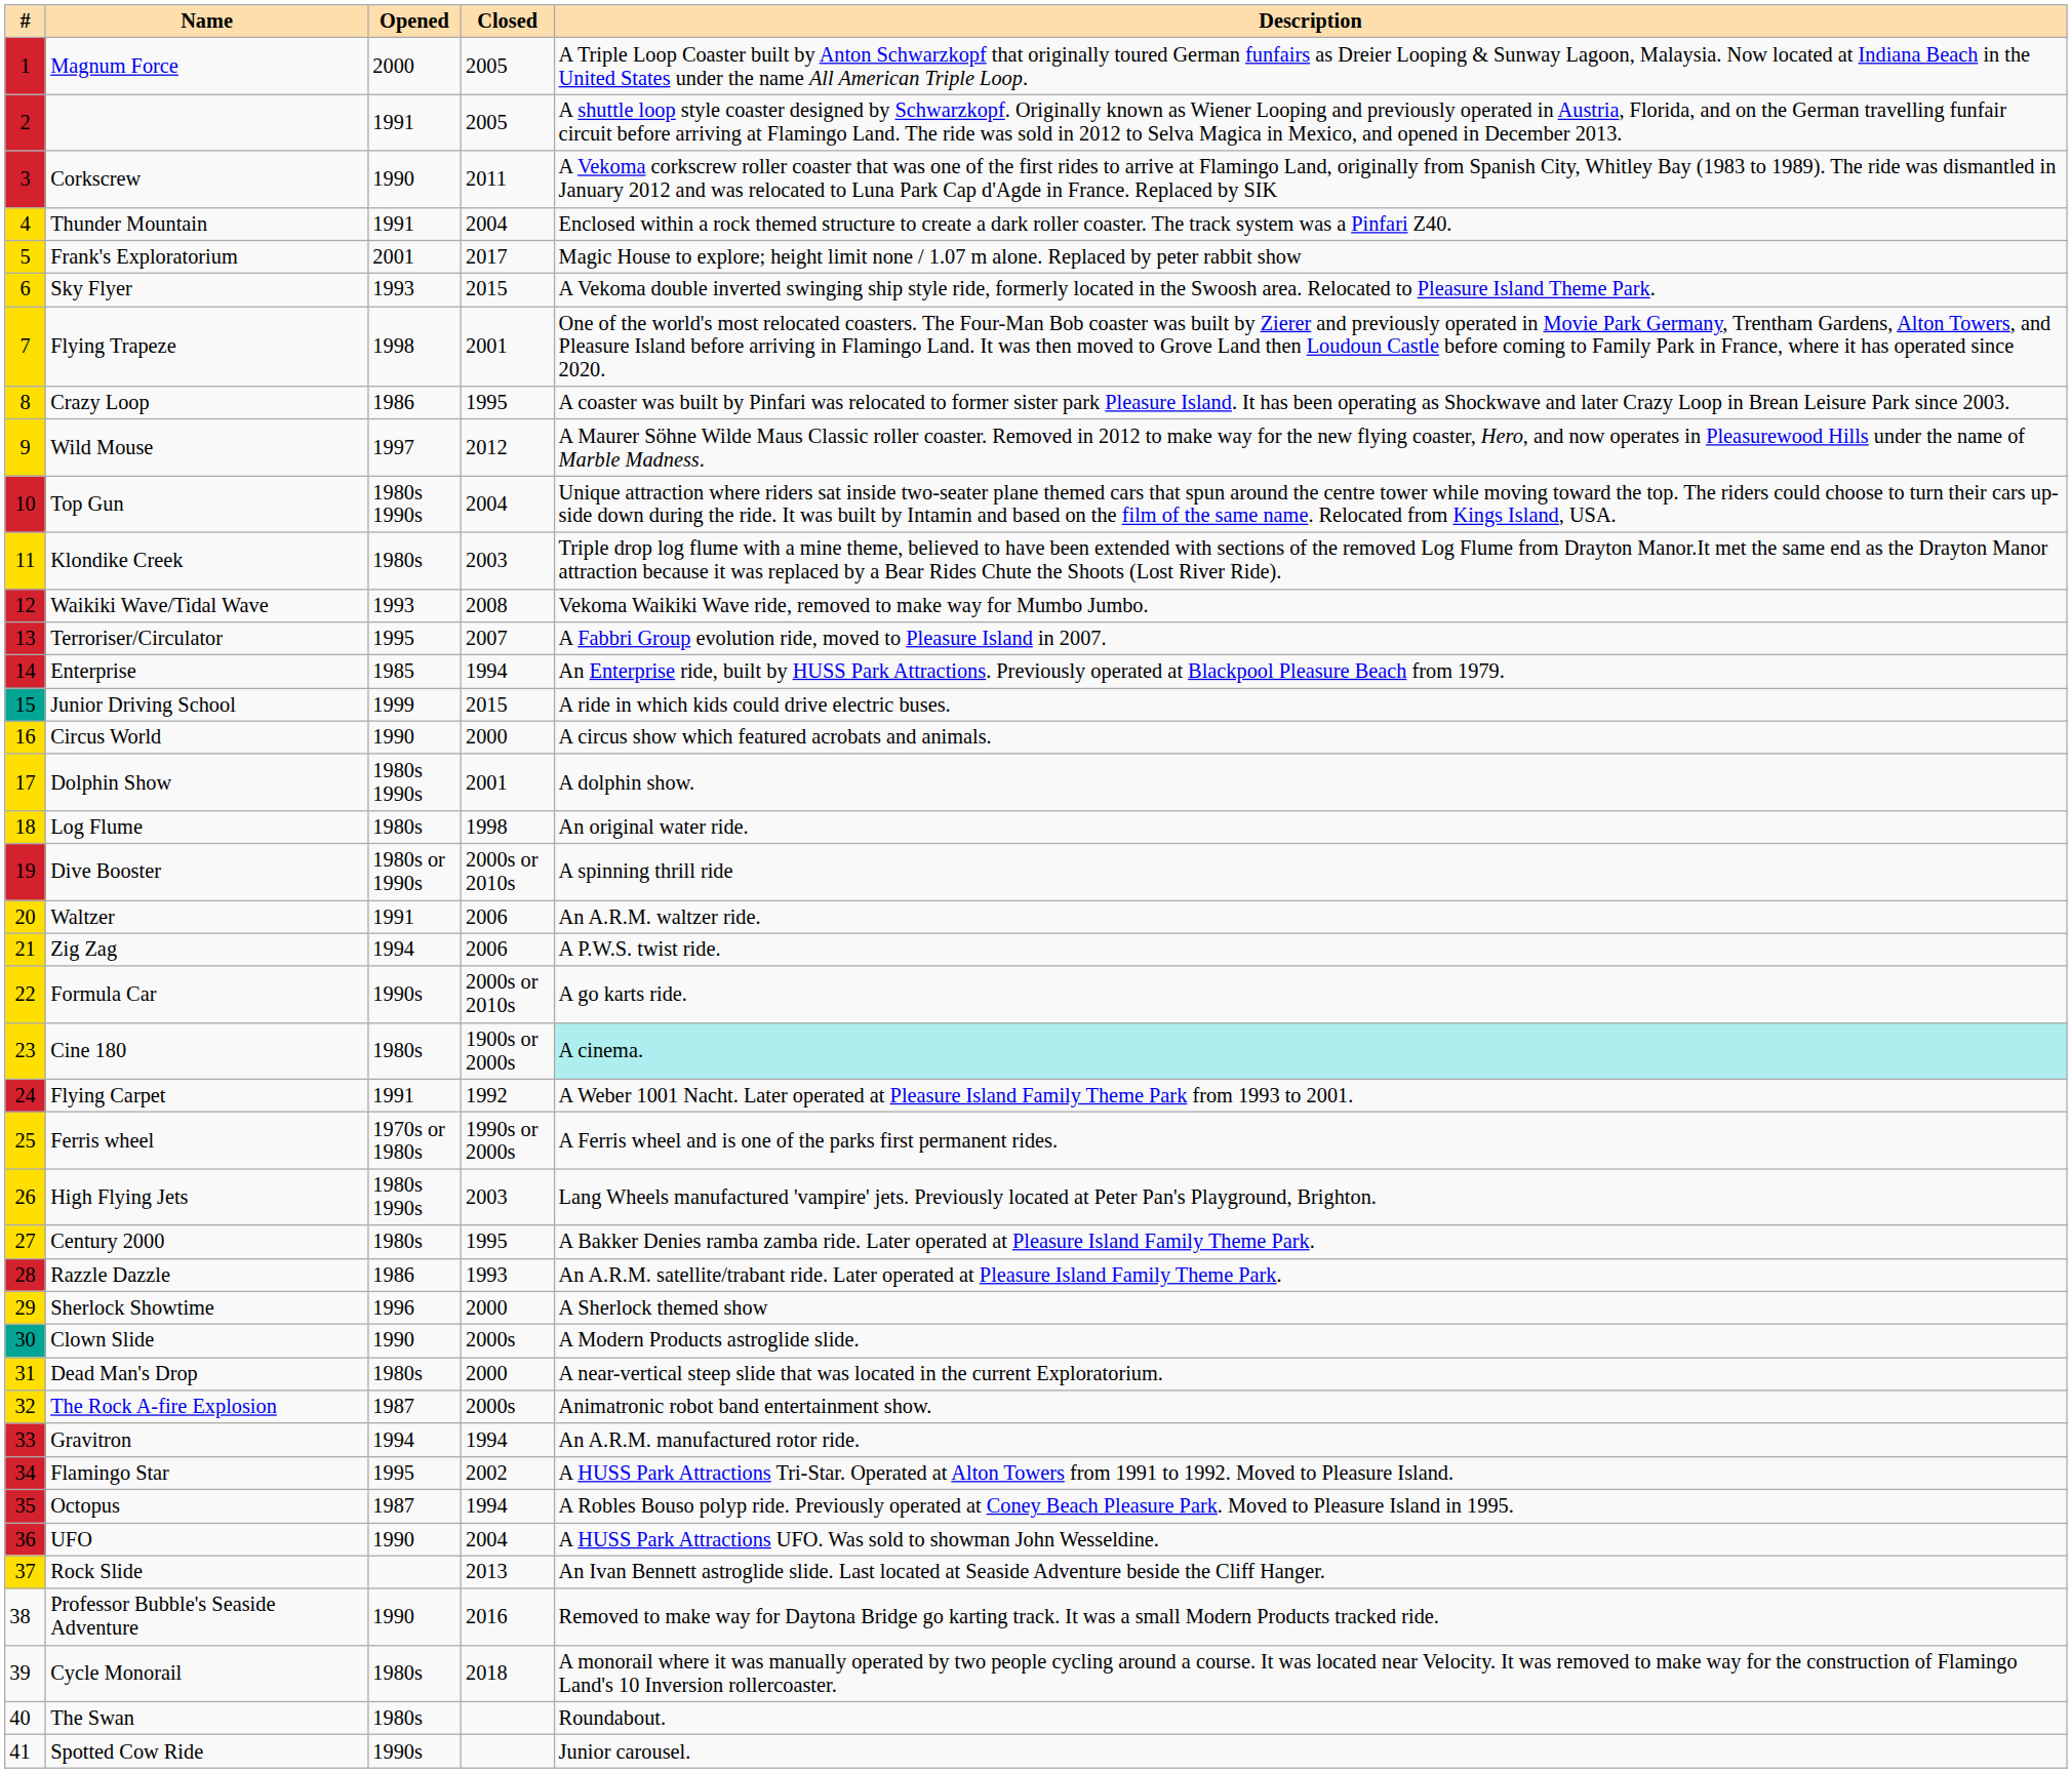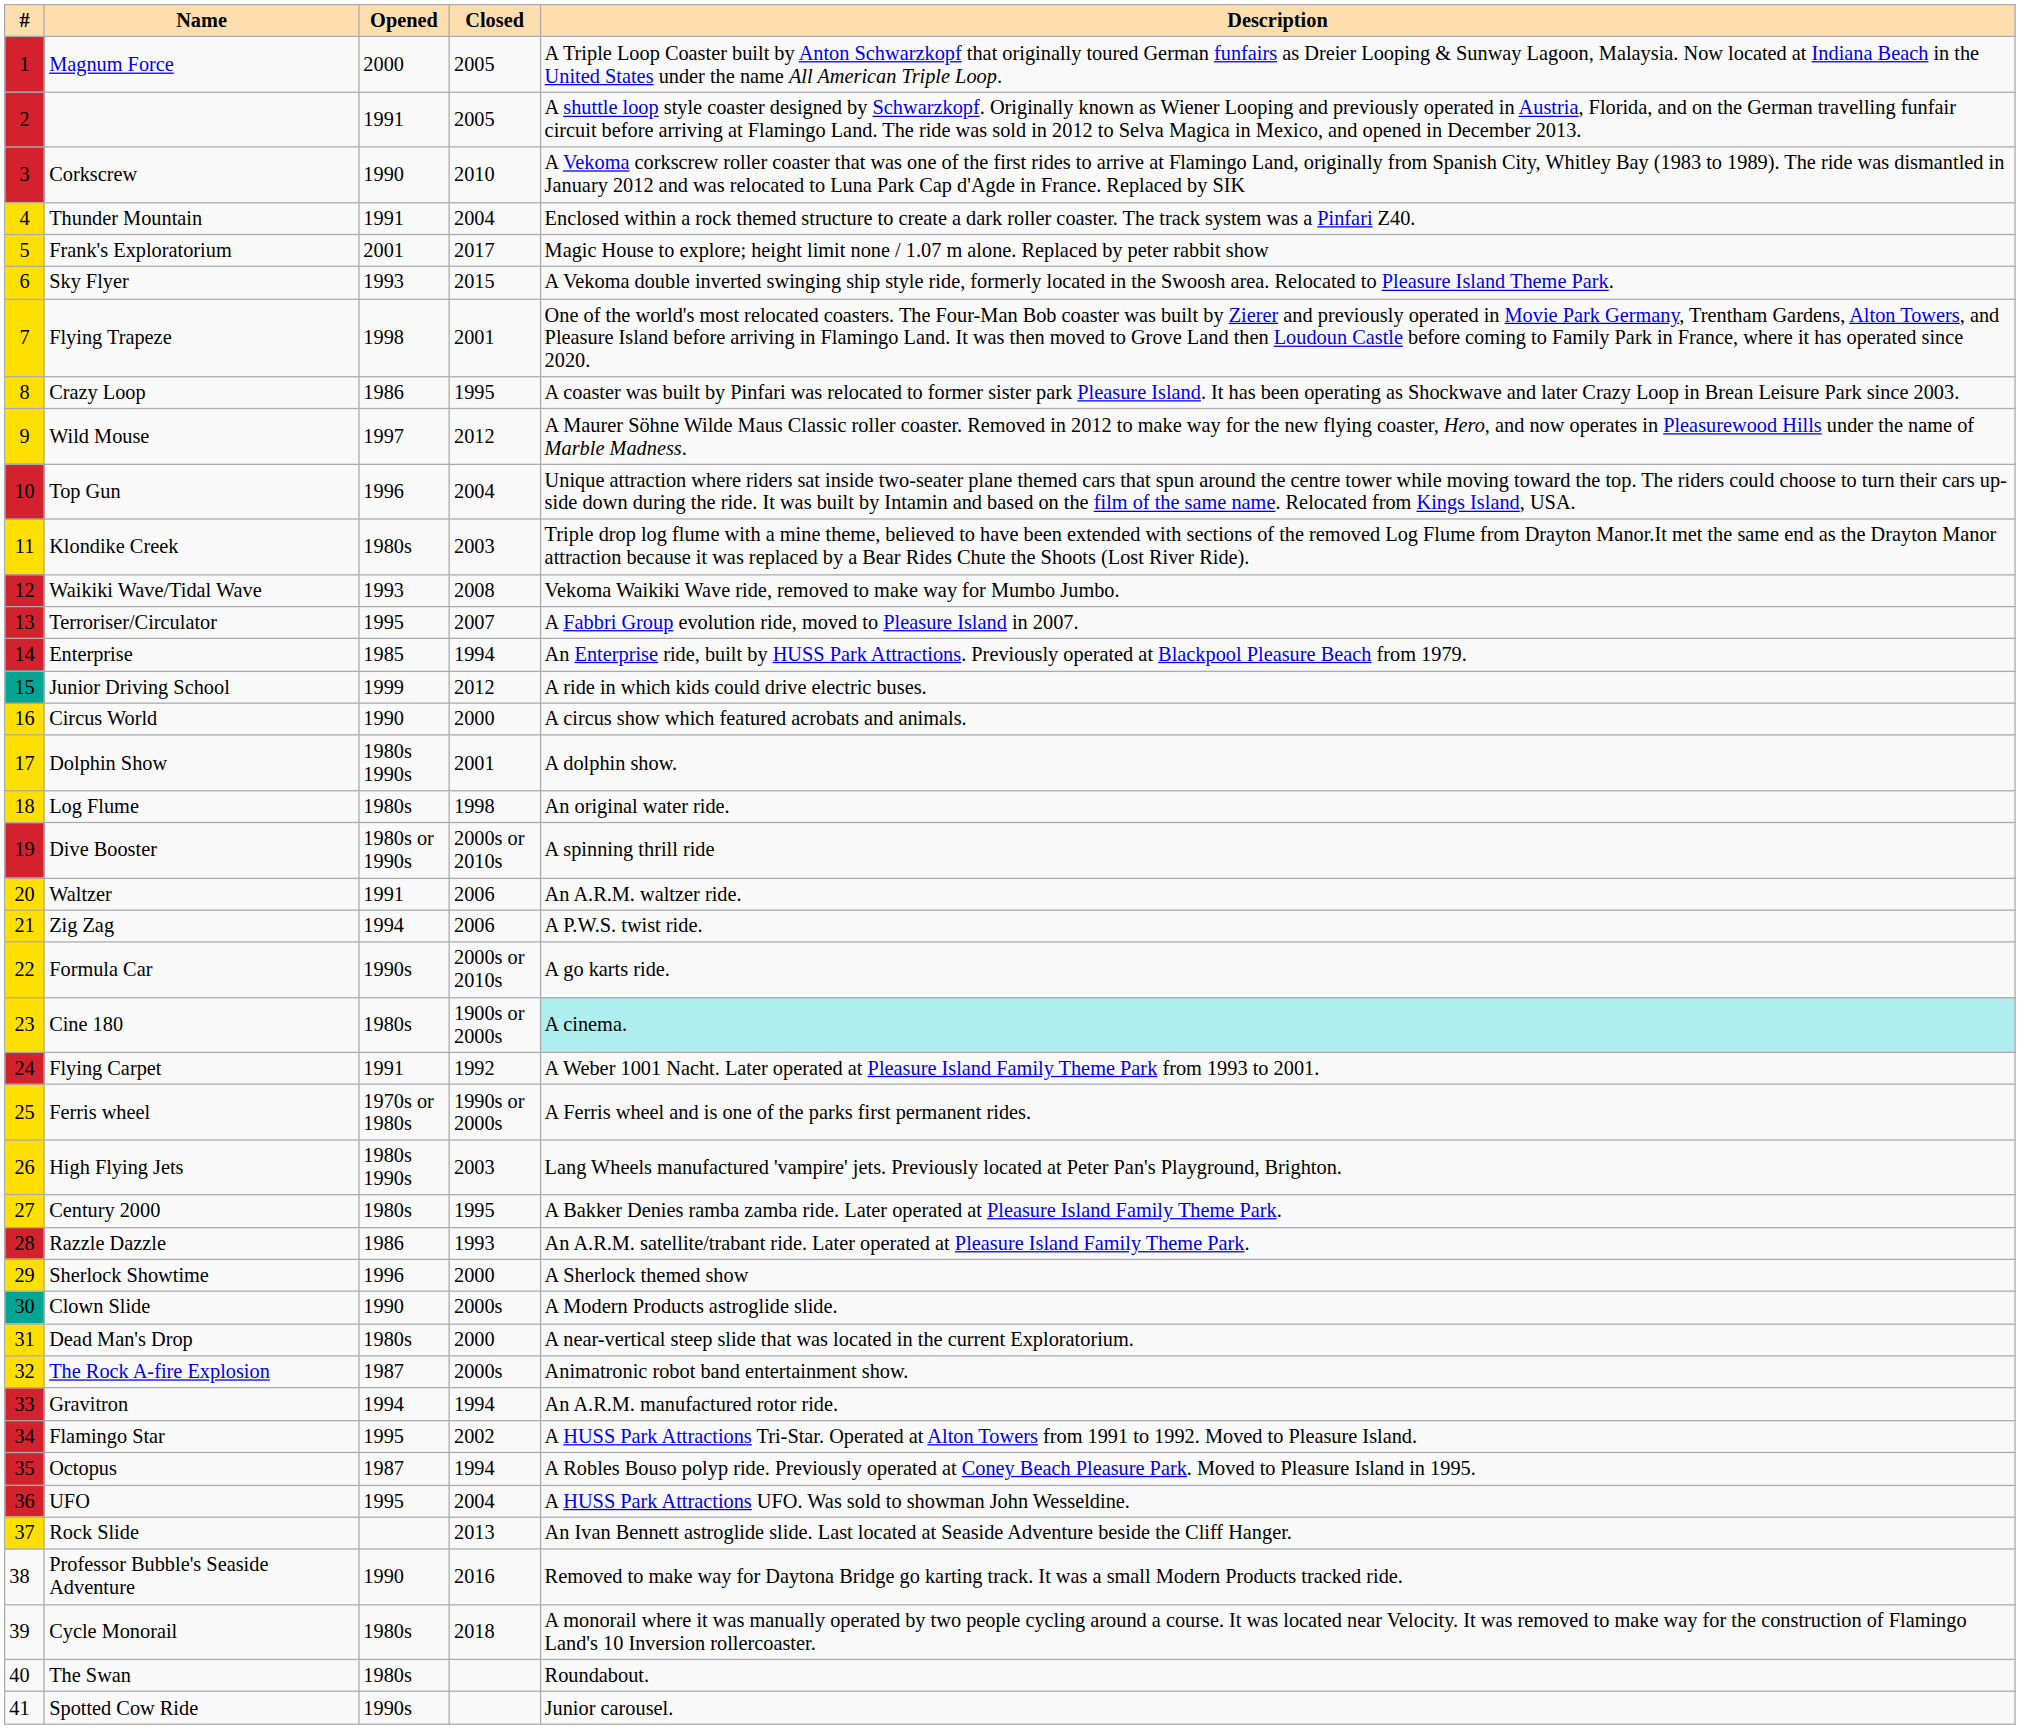 <table class="wikitable" style="width: 100%; font sizes: 95%;">
 <tr>
 <th style="background-color: #FFDEAD; width: 1.5em;">#</th>
 <th style="background-color: #FFDEAD; width: 15em;">Name</th>
 <th style="background-color: #FFDEAD; width: 4em;">Opened</th>
 <th style="background-color: #FFDEAD; width: 4em;">Closed</th>
 <th style="background-color: #FFDEAD;">Description</th>
 </tr>
 <tr>
 <td style="background-color: #D3212D; text-align: center;">1</td>
 <td><a href='#'>Magnum Force</a></td>
 <td>2000</td>
 <td>2005</td>
 <td>A Triple Loop Coaster built by <a href='#'>Anton Schwarzkopf</a> that originally toured German <a href='#'>funfairs</a> as Dreier Looping & Sunway Lagoon, Malaysia. Now located at <a href='#'>Indiana Beach</a> in the <a href='#'>United States</a> under the name <em>All American Triple Loop</em>.</td>
 </tr>
 <tr>
 <td style="background-color: #D3212D; text-align: center;">2</td>
 <td></td>
 <td>1991</td>
 <td>2005</td>
 <td>A <a href='#'>shuttle loop</a> style coaster designed by <a href='#'>Schwarzkopf</a>. Originally known as Wiener Looping and previously operated in <a href='#'>Austria</a>, Florida, and on the German travelling funfair circuit before arriving at Flamingo Land. The ride was sold in 2012 to Selva Magica in Mexico, and opened in December 2013.</td>
 </tr>
 <tr>
 <td style="background-color: #D3212D; text-align: center;">3</td>
 <td>Corkscrew</td>
 <td>1990</td>
-<td>2011</td>
+<td>2010</td>
 <td>A <a href='#'>Vekoma</a> corkscrew roller coaster that was one of the first rides to arrive at Flamingo Land, originally from Spanish City, Whitley Bay (1983 to 1989).  The ride was dismantled in January 2012 and was relocated to Luna Park Cap d'Agde in France. Replaced by SIK</td>
 </tr>
 <tr>
 <td style="background-color: #FFDF00; text-align: center;">4</td>
 <td>Thunder Mountain</td>
 <td>1991</td>
 <td>2004</td>
 <td>Enclosed within a rock themed structure to create a dark roller coaster. The track system was a <a href='#'>Pinfari</a> Z40.</td>
 </tr>
 <tr>
 <td style="background-color: #FFDF00; text-align: center;">5</td>
 <td>Frank's Exploratorium</td>
 <td>2001</td>
 <td>2017</td>
 <td>Magic House to explore; height limit none / 1.07 m alone. Replaced by peter rabbit show</td>
 </tr>
 <tr>
 <td style="background-color: #FFDF00; text-align: center;">6</td>
 <td>Sky Flyer</td>
 <td>1993</td>
 <td>2015</td>
 <td>A Vekoma double inverted swinging ship style ride, formerly located in the Swoosh area. Relocated to <a href='#'>Pleasure Island Theme Park</a>.</td>
 </tr>
 <tr>
 <td style="background-color: #FFDF00; text-align: center;">7</td>
 <td>Flying Trapeze</td>
 <td>1998</td>
 <td>2001</td>
 <td>One of the world's most relocated coasters. The Four-Man Bob coaster was built by <a href='#'>Zierer</a> and previously operated in <a href='#'>Movie Park Germany</a>, Trentham Gardens, <a href='#'>Alton Towers</a>, and Pleasure Island before arriving in Flamingo Land. It was then moved to Grove Land then <a href='#'>Loudoun Castle</a> before coming to Family Park in France, where it has operated since 2020.</td>
 </tr>
 <tr>
 <td style="background-color: #FFDF00; text-align: center;">8</td>
 <td>Crazy Loop</td>
 <td>1986</td>
 <td>1995</td>
 <td>A coaster was built by Pinfari was relocated to former sister park <a href='#'>Pleasure Island</a>. It has been operating as Shockwave and later Crazy Loop in Brean Leisure Park since 2003.</td>
 </tr>
 <tr>
 <td style="background-color: #FFDF00; text-align: center;">9</td>
 <td>Wild Mouse</td>
 <td>1997</td>
 <td>2012</td>
 <td>A Maurer Söhne Wilde Maus Classic roller coaster. Removed in 2012 to make way for the new flying coaster, <em>Hero</em>, and now operates in <a href='#'>Pleasurewood Hills</a> under the name of <em>Marble Madness</em>.</td>
 </tr>
 <tr>
 <td style="background-color: #D3212D; text-align: center;">10</td>
 <td>Top Gun</td>
-<td>1980s 1990s</td>
+<td>1996</td>
 <td>2004</td>
 <td>Unique attraction where riders sat inside two-seater plane themed cars that spun around the centre tower while moving toward the top. The riders could choose to turn their cars up-side down during the ride. It was built by Intamin and based on the <a href='#'>film of the same name</a>. Relocated from <a href='#'>Kings Island</a>, USA.</td>
 </tr>
 <tr>
 <td style="background-color: #FFDF00; text-align: center;">11</td>
 <td>Klondike Creek</td>
 <td>1980s</td>
 <td>2003</td>
 <td>Triple drop log flume with a mine theme, believed to have been extended with sections of the removed Log Flume from Drayton Manor.It met the same end as the Drayton Manor attraction because it was replaced by a Bear Rides Chute the Shoots (Lost River Ride).</td>
 </tr>
 <tr>
 <td style="background-color: #D3212D; text-align: center;">12</td>
 <td>Waikiki Wave/Tidal Wave</td>
 <td>1993</td>
 <td>2008</td>
 <td>Vekoma Waikiki Wave ride, removed to make way for Mumbo Jumbo.</td>
 </tr>
 <tr>
 <td style="background-color: #D3212D; text-align: center;">13</td>
 <td>Terroriser/Circulator</td>
 <td>1995</td>
 <td>2007</td>
 <td>A <a href='#'>Fabbri Group</a> evolution ride, moved to <a href='#'>Pleasure Island</a> in 2007.</td>
 </tr>
 <tr>
 <td style="background-color: #D3212D; text-align: center;">14</td>
 <td>Enterprise</td>
 <td>1985</td>
 <td>1994</td>
 <td>An <a href='#'>Enterprise</a> ride, built by <a href='#'>HUSS Park Attractions</a>. Previously operated at <a href='#'>Blackpool Pleasure Beach</a> from 1979.</td>
 </tr>
 <tr>
 <td style="background-color: #00A693; text-align: center;">15</td>
 <td>Junior Driving School</td>
 <td>1999</td>
-<td>2015</td>
+<td>2012</td>
 <td>A ride in which kids could drive electric buses.</td>
 </tr>
 <tr>
 <td style="background-color: #FFDF00; text-align: center;">16</td>
 <td>Circus World</td>
 <td>1990</td>
 <td>2000</td>
 <td>A circus show which featured acrobats and animals.</td>
 </tr>
 <tr>
 <td style="background-color: #FFDF00; text-align: center;">17</td>
 <td>Dolphin Show</td>
 <td>1980s 1990s</td>
 <td>2001</td>
 <td>A dolphin show.</td>
 </tr>
 <tr>
 <td style="background-color: #FFDF00; text-align: center;">18</td>
 <td>Log Flume</td>
 <td>1980s</td>
 <td>1998</td>
 <td>An original water ride.</td>
 </tr>
 <tr>
 <td style="background-color: #D3212D; text-align: center;">19</td>
 <td>Dive Booster</td>
 <td>1980s or 1990s</td>
 <td>2000s or 2010s</td>
 <td>A spinning thrill ride</td>
 </tr>
 <tr>
 <td style="background-color: #FFDF00; text-align: center;">20</td>
 <td>Waltzer</td>
 <td>1991</td>
 <td>2006</td>
 <td>An A.R.M. waltzer ride.</td>
 </tr>
 <tr>
 <td style="background-color: #FFDF00; text-align: center;">21</td>
 <td>Zig Zag</td>
 <td>1994</td>
 <td>2006</td>
 <td>A P.W.S. twist ride.</td>
 </tr>
 <tr>
 <td style="background-color: #FFDF00; text-align: center;">22</td>
 <td>Formula Car</td>
 <td>1990s</td>
 <td>2000s or 2010s</td>
 <td>A go karts ride.</td>
 </tr>
 <tr>
 <td style="background-color: #FFDF00; text-align: center;">23</td>
 <td>Cine 180</td>
 <td>1980s</td>
 <td>1900s or 2000s</td>
 <td style="background: paleturquoise;">A cinema.</td>
 </tr>
 <tr>
 <td style="background-color: #D3212D; text-align: center;">24</td>
 <td>Flying Carpet</td>
 <td>1991</td>
 <td>1992</td>
 <td>A Weber 1001 Nacht. Later operated at <a href='#'>Pleasure Island Family Theme Park</a> from 1993 to 2001.</td>
 </tr>
 <tr>
 <td style="background-color: #FFDF00; text-align: center;">25</td>
 <td>Ferris wheel</td>
 <td>1970s or 1980s</td>
 <td>1990s or 2000s</td>
 <td>A Ferris wheel and is one of the parks first permanent rides.</td>
 </tr>
 <tr>
 <td style="background-color: #FFDF00; text-align: center;">26</td>
 <td>High Flying Jets</td>
 <td>1980s 1990s</td>
 <td>2003</td>
 <td>Lang Wheels manufactured 'vampire' jets. Previously located at Peter Pan's Playground, Brighton.</td>
 </tr>
 <tr>
 <td style="background-color: #FFDF00; text-align: center;">27</td>
 <td>Century 2000</td>
 <td>1980s</td>
 <td>1995</td>
 <td>A Bakker Denies ramba zamba ride. Later operated at <a href='#'>Pleasure Island Family Theme Park</a>.</td>
 </tr>
 <tr>
 <td style="background-color: #D3212D; text-align: center;">28</td>
 <td>Razzle Dazzle</td>
 <td>1986</td>
 <td>1993</td>
 <td>An A.R.M. satellite/trabant ride. Later operated at <a href='#'>Pleasure Island Family Theme Park</a>.</td>
 </tr>
 <tr>
 <td style="background-color: #FFDF00; text-align: center;">29</td>
 <td>Sherlock Showtime</td>
 <td>1996</td>
 <td>2000</td>
 <td>A Sherlock themed show</td>
 </tr>
 <tr>
 <td style="background-color: #00A693; text-align: center;">30</td>
 <td>Clown Slide</td>
 <td>1990</td>
 <td>2000s</td>
 <td>A Modern Products astroglide slide.</td>
 </tr>
 <tr>
 <td style="background-color: #FFDF00; text-align: center;">31</td>
 <td>Dead Man's Drop</td>
 <td>1980s</td>
 <td>2000</td>
 <td>A near-vertical steep slide that was located in the current Exploratorium.</td>
 </tr>
 <tr>
 <td style="background-color: #FFDF00; text-align: center;">32</td>
 <td><a href='#'>The Rock A-fire Explosion</a></td>
 <td>1987</td>
 <td>2000s</td>
 <td>Animatronic robot band entertainment show.</td>
 </tr>
 <tr>
 <td style="background-color: #D3212D; text-align: center;">33</td>
 <td>Gravitron</td>
 <td>1994</td>
 <td>1994</td>
 <td>An A.R.M. manufactured rotor ride.</td>
 </tr>
 <tr>
 <td style="background-color: #D3212D; text-align: center;">34</td>
 <td>Flamingo Star</td>
 <td>1995</td>
 <td>2002</td>
 <td>A <a href='#'>HUSS Park Attractions</a> Tri-Star. Operated at <a href='#'>Alton Towers</a> from 1991 to 1992. Moved to Pleasure Island.</td>
 </tr>
 <tr>
 <td style="background-color: #D3212D; text-align: center;">35</td>
 <td>Octopus</td>
 <td>1987</td>
 <td>1994</td>
 <td>A Robles Bouso polyp ride. Previously operated at <a href='#'>Coney Beach Pleasure Park</a>. Moved to Pleasure Island in 1995.</td>
 </tr>
 <tr>
 <td style="background-color: #D3212D; text-align: center;">36</td>
 <td>UFO</td>
-<td>1990</td>
+<td>1995</td>
 <td>2004</td>
 <td>A <a href='#'>HUSS Park Attractions</a> UFO. Was sold to showman John Wesseldine.</td>
 </tr>
 <tr>
 <td style="background-color: #FFDF00; text-align: center">37</td>
 <td>Rock Slide</td>
 <td></td>
 <td>2013</td>
 <td>An Ivan Bennett astroglide slide. Last located at Seaside Adventure beside the Cliff Hanger.</td>
 </tr>
 <tr>
 <td>38</td>
 <td>Professor Bubble's Seaside Adventure</td>
 <td>1990</td>
 <td>2016</td>
 <td>Removed to make way for Daytona Bridge go karting track. It was a small Modern Products tracked ride.</td>
 </tr>
 <tr>
 <td>39</td>
 <td>Cycle Monorail</td>
 <td>1980s</td>
 <td>2018</td>
 <td>A monorail where it was manually operated by two people cycling around a course. It was located near Velocity. It was removed to make way for the construction of Flamingo Land's 10 Inversion rollercoaster.</td>
 </tr>
 <tr>
 <td>40</td>
 <td>The Swan</td>
 <td>1980s</td>
 <td></td>
 <td>Roundabout.</td>
 </tr>
 <tr>
 <td>41</td>
 <td>Spotted Cow Ride</td>
 <td>1990s</td>
 <td></td>
 <td>Junior carousel.</td>
 </tr>
 </table>
